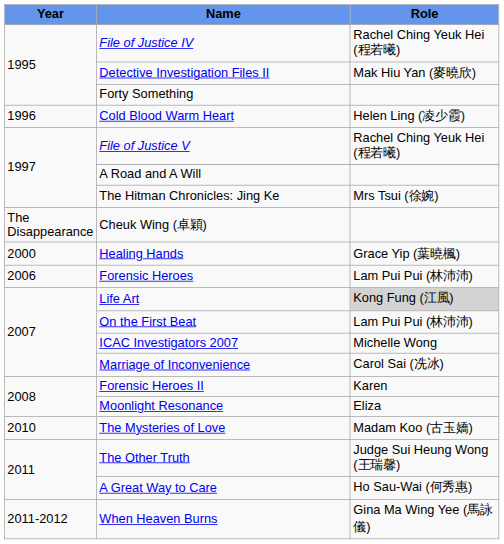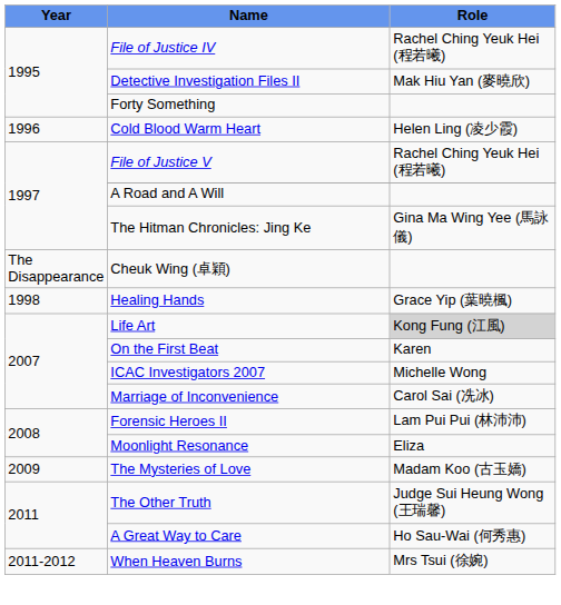 <table class="wikitable" width="70%">
 <tr style="background:cornflowerblue; colour:white" align=center>
 <td style="width:9%"><strong>Year</strong></td>
 <td><strong>Name</strong></td>
 <td style="width:30%"><strong>Role</strong></td>
 </tr>
 <tr>
 <td rowspan="3">1995</td>
 <td><em><a href='#'>File of Justice IV</a></em></td>
 <td>Rachel Ching Yeuk Hei (程若曦)</td>
 </tr>
 <tr>
 <td><a href='#'>Detective Investigation Files II</a></td>
 <td>Mak Hiu Yan (麥曉欣)</td>
 </tr>
 <tr>
 <td>Forty Something</td>
 <td></td>
 </tr>
 <tr>
 <td>1996</td>
 <td><a href='#'>Cold Blood Warm Heart</a></td>
 <td>Helen Ling (凌少霞)</td>
 </tr>
 <tr>
 <td rowspan="4">1997</td>
 <td><em><a href='#'>File of Justice V</a></em></td>
 <td>Rachel Ching Yeuk Hei (程若曦)</td>
 </tr>
 <tr>
 </tr>
 <tr>
 <td>A Road and A Will</td>
 <td></td>
 </tr>
 <tr>
 <td>The Hitman Chronicles: Jing Ke</td>
-<td>Mrs Tsui (徐婉)</td>
+<td>Gina Ma Wing Yee (馬詠儀)</td>
 </tr>
 <tr>
 <td>The Disappearance</td>
 <td>Cheuk Wing (卓穎)</td>
 </tr>
 <tr>
-<td>2000</td>
+<td>1998</td>
 <td><a href='#'>Healing Hands</a></td>
 <td>Grace Yip (葉曉楓)</td>
-</tr>
-<tr>
-<td>2006</td>
-<td><a href='#'>Forensic Heroes</a></td>
-<td>Lam Pui Pui (林沛沛)</td>
 </tr>
 <tr>
 <td rowspan="4">2007</td>
 <td><a href='#'>Life Art</a></td>
 <td style="background: lightgrey;">Kong Fung (江風)</td>
 </tr>
 <tr>
 <td><a href='#'>On the First Beat</a></td>
-<td>Lam Pui Pui (林沛沛)</td>
+<td>Karen</td>
 </tr>
 <tr>
 <td><a href='#'>ICAC Investigators 2007</a></td>
 <td>Michelle Wong</td>
 </tr>
 <tr>
 <td><a href='#'>Marriage of Inconvenience</a></td>
 <td>Carol Sai (冼冰)</td>
 </tr>
 <tr>
 <td rowspan="2">2008</td>
 <td><a href='#'>Forensic Heroes II</a></td>
-<td>Karen</td>
+<td>Lam Pui Pui (林沛沛)</td>
 </tr>
 <tr>
 <td><a href='#'>Moonlight Resonance</a></td>
 <td>Eliza</td>
 </tr>
 <tr>
-<td>2010</td>
+<td>2009</td>
 <td><a href='#'>The Mysteries of Love</a></td>
 <td>Madam Koo (古玉嬌)</td>
 </tr>
 <tr>
 <td rowspan="2">2011</td>
 <td><a href='#'>The Other Truth</a></td>
 <td>Judge Sui Heung Wong (王瑞馨)</td>
 </tr>
 <tr>
 <td><a href='#'>A Great Way to Care</a></td>
 <td>Ho Sau-Wai (何秀惠)</td>
 </tr>
 <tr>
 <td>2011-2012</td>
 <td><a href='#'>When Heaven Burns</a></td>
-<td>Gina Ma Wing Yee (馬詠儀)</td>
+<td>Mrs Tsui (徐婉)</td>
 </tr>
 </table>
